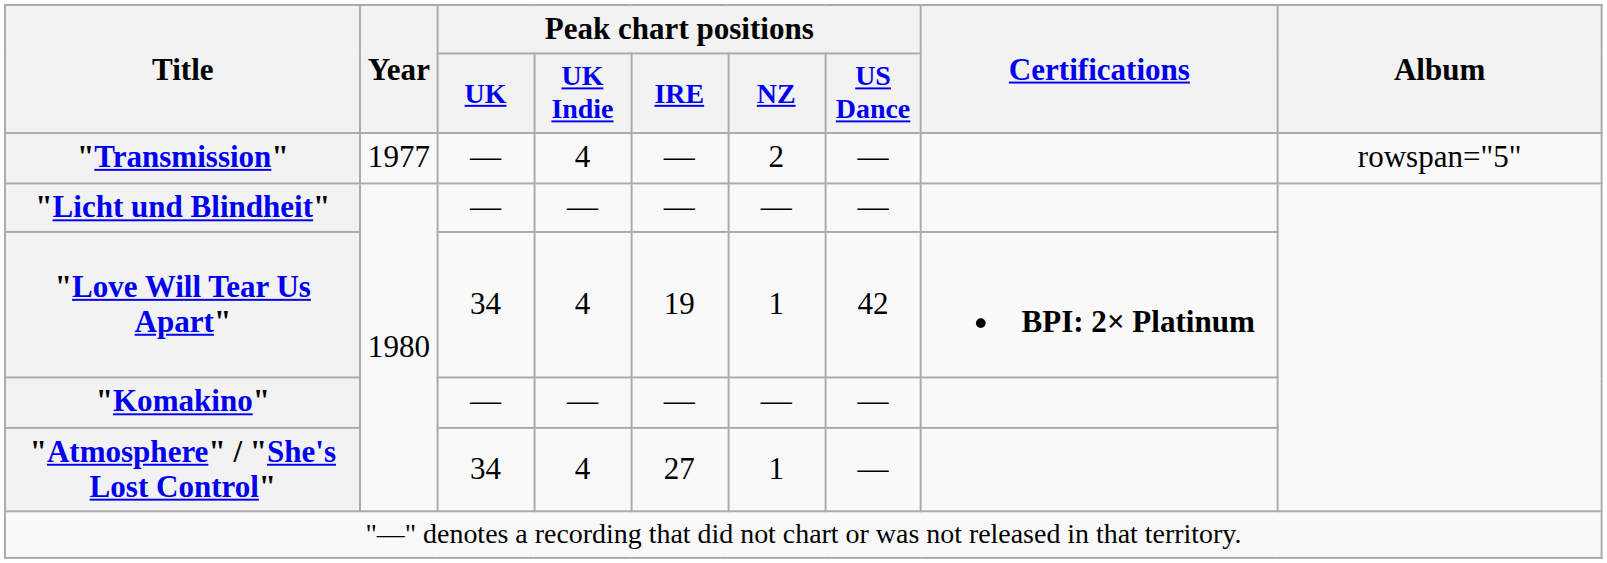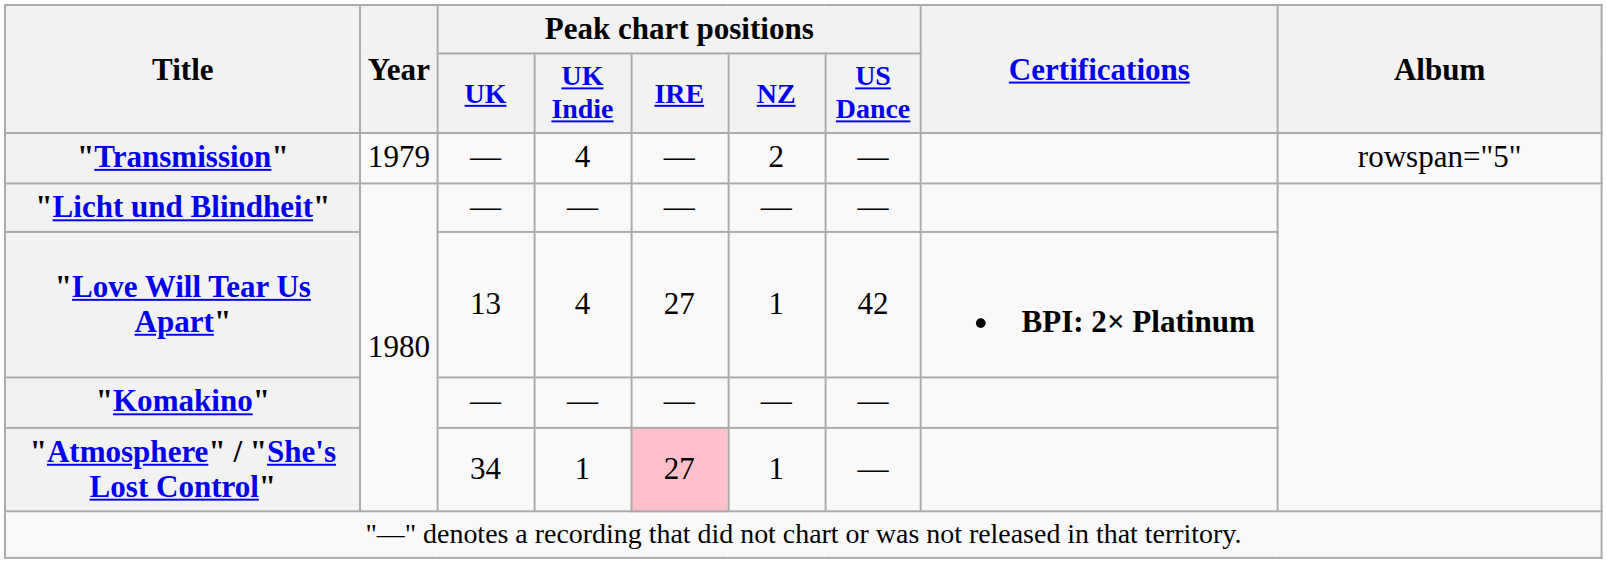 <table class="wikitable plainrowheaders" style="text-align:center;">
 <tr>
 <th rowspan="2" scope="col" style="width:11em;">Title</th>
 <th rowspan="2" scope="col" style="width:2em;">Year</th>
 <th colspan="5" scope="col">Peak chart positions</th>
 <th rowspan="2" scope="col" style="width:11em;"><a href='#'>Certifications</a></th>
 <th rowspan="2" scope="col" style="width:10em;">Album</th>
 </tr>
 <tr>
 <th scope="col" style="width:3em;font-size:90%;"><a href='#'>UK</a><br></th>
 <th scope="col" style="width:3em;font-size:90%;"><a href='#'>UK Indie</a><br></th>
 <th scope="col" style="width:3em;font-size:90%;"><a href='#'>IRE</a><br></th>
 <th scope="col" style="width:3em;font-size:90%;"><a href='#'>NZ</a><br></th>
 <th scope="col" style="width:3em;font-size:90%;"><a href='#'>US Dance</a><br></th>
 </tr>
 <tr>
 <th scope="row">"<a href='#'>Transmission</a>"</th>
-<td>1977</td>
+<td>1979</td>
 <td>—</td>
 <td>4</td>
 <td>—</td>
 <td>2</td>
 <td>—</td>
 <td></td>
 <td>rowspan="5" </td>
 </tr>
 <tr>
 <th scope="row">"<a href='#'>Licht und Blindheit</a>"</th>
 <td rowspan="4">1980</td>
 <td>—</td>
 <td>—</td>
 <td>—</td>
 <td>—</td>
 <td>—</td>
 <td></td>
 </tr>
 <tr>
 <th scope="row">"<a href='#'>Love Will Tear Us Apart</a>"</th>
-<td>34</td>
+<td>13</td>
 <td>4</td>
-<td>19</td>
+<td>27</td>
 <td>1</td>
 <td>42</td>
 <td><strong><br><ul><li>BPI: 2× Platinum</li></ul></strong></td>
 </tr>
 <tr>
 <th scope="row">"<a href='#'>Komakino</a>"</th>
 <td>—</td>
 <td>—</td>
 <td>—</td>
 <td>—</td>
 <td>—</td>
 <td></td>
 </tr>
 <tr>
 <th scope="row">"<a href='#'>Atmosphere</a>" / "<a href='#'>She's Lost Control</a>"</th>
 <td>34</td>
-<td>4</td>
-<td>27</td>
+<td>1</td>
+<td style="background: pink;">27</td>
 <td>1</td>
 <td>—</td>
 <td></td>
 </tr>
 <tr>
 <td colspan="9" style="font-size:90%">"—" denotes a recording that did not chart or was not released in that territory.</td>
 </tr>
 </table>
